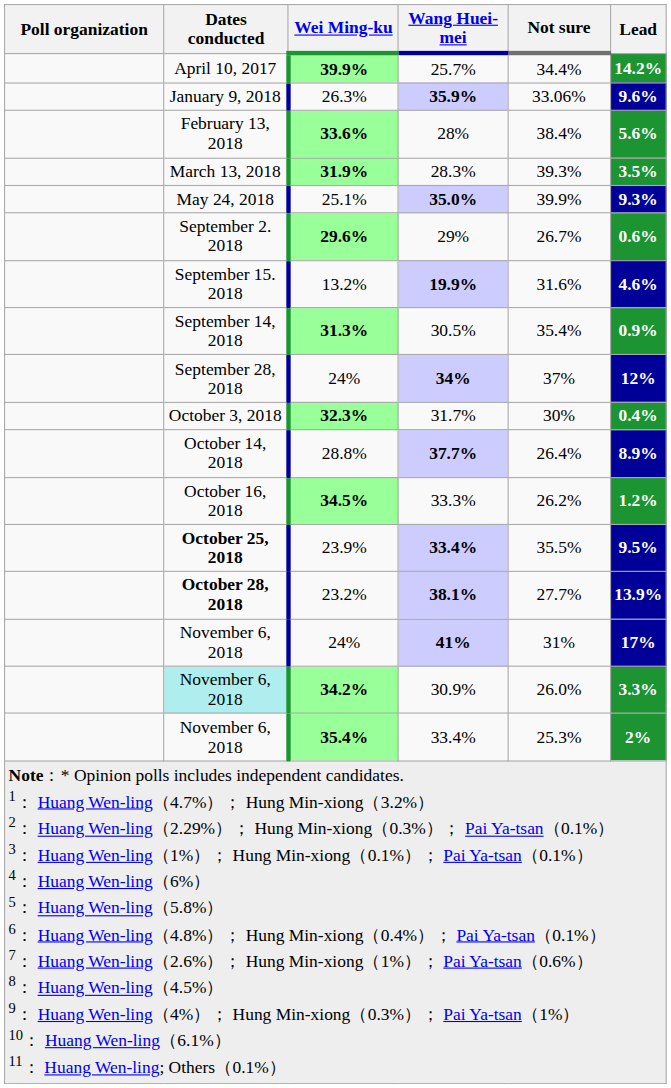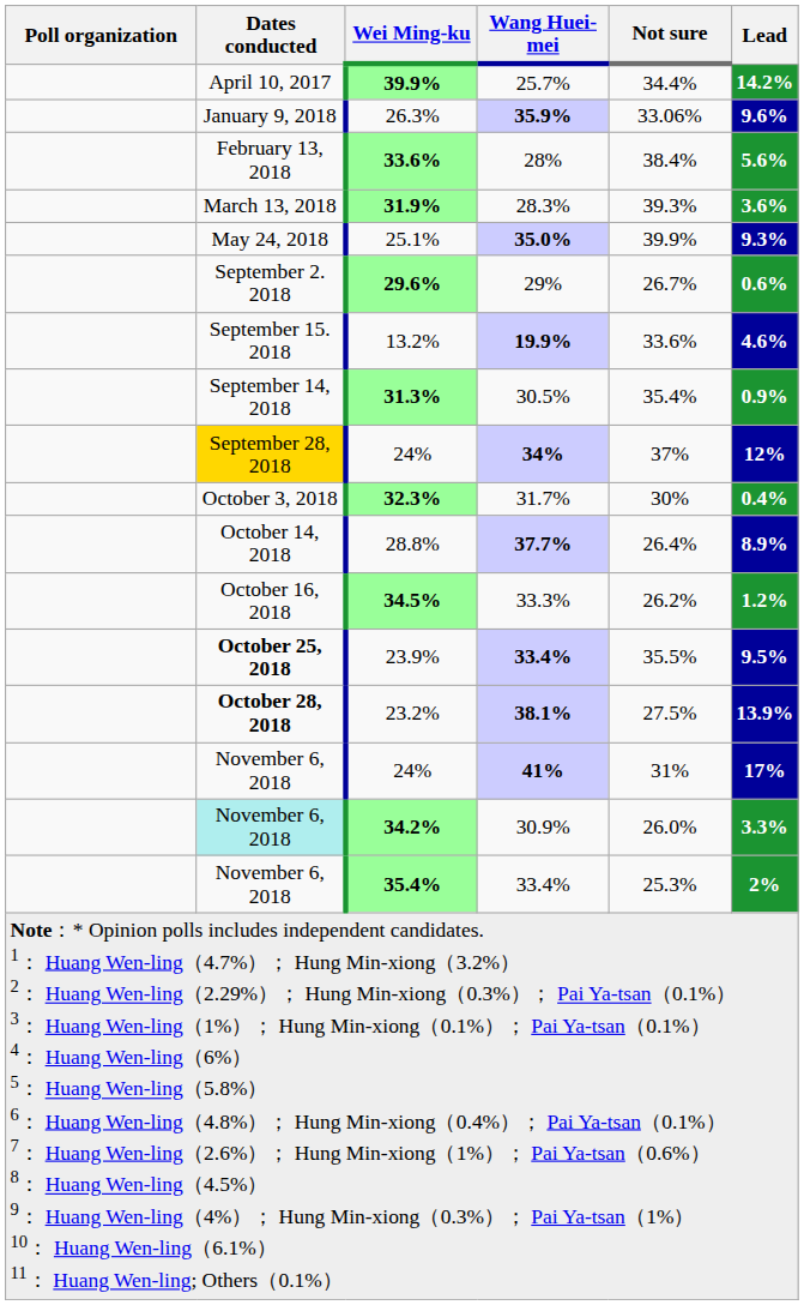 <table class="wikitable collapsible autocollapse" style="text-align:center">
 <tr style="background-color:# E9E9E9">
 <th style="width:200px;">Poll organization</th>
 <th style="width:150px;">Dates conducted</th>
 <th style="width:150px; border-bottom:4px solid #1B9431;"> <a href='#'>Wei Ming-ku</a></th>
 <th style="width:150px; border-bottom:4px solid #000099;"> <a href='#'>Wang Huei-mei</a></th>
 <th style="width:130px; border-bottom:4px solid #707070;"> Not sure</th>
 <th style="width:40px;">Lead</th>
 </tr>
 <tr>
 <td></td>
 <td>April 10, 2017</td>
 <td style="background-color:#99FF99; border-left:4px solid #1B9431;"><strong>39.9%</strong></td>
 <td>25.7%</td>
 <td>34.4%</td>
 <td style="background:#1B9431; color:white"><strong>14.2%</strong></td>
 </tr>
 <tr>
 <td> </td>
 <td>January 9, 2018</td>
 <td style="border-left:4px solid #000099;">26.3%</td>
 <td style="background-color:#CCCCFF;"><strong>35.9%</strong></td>
 <td>33.06%</td>
 <td style="background:#000099; color:white"><strong>9.6%</strong></td>
 </tr>
 <tr>
 <td></td>
 <td>February 13, 2018</td>
 <td style="background-color:#99FF99; border-left:4px solid #1B9431;"><strong>33.6%</strong></td>
 <td>28%</td>
 <td>38.4%</td>
 <td style="background:#1B9431; color:white"><strong>5.6%</strong></td>
 </tr>
 <tr>
 <td></td>
 <td>March 13, 2018</td>
 <td style="background-color:#99FF99; border-left:4px solid #1B9431;"><strong>31.9%</strong></td>
 <td>28.3%</td>
 <td>39.3%</td>
-<td style="background:#1B9431; color:white"><strong>3.5%</strong></td>
+<td style="background:#1B9431; color:white"><strong>3.6%</strong></td>
 </tr>
 <tr>
 <td></td>
 <td>May 24, 2018</td>
 <td style="border-left:4px solid #000099;">25.1%</td>
 <td style="background-color:#CCCCFF;"><strong>35.0%</strong></td>
 <td>39.9%</td>
 <td style="background:#000099; color:white"><strong>9.3%</strong></td>
 </tr>
 <tr>
 <td></td>
 <td>September 2. 2018</td>
 <td style="background-color:#99FF99; border-left:4px solid #1B9431;"><strong>29.6%</strong></td>
 <td>29%</td>
 <td>26.7%</td>
 <td style="background:#1B9431; color:white"><strong>0.6%</strong></td>
 </tr>
 <tr>
 <td></td>
 <td>September 15. 2018</td>
 <td style="border-left:4px solid #000099;">13.2%</td>
 <td style="background-color:#CCCCFF;"><strong>19.9%</strong></td>
-<td>31.6%</td>
+<td>33.6%</td>
 <td style="background:#000099; color:white"><strong>4.6%</strong></td>
 </tr>
 <tr>
 <td></td>
 <td>September 14, 2018</td>
 <td style="background-color:#99FF99; border-left:4px solid #1B9431;"><strong>31.3%</strong></td>
 <td>30.5%</td>
 <td>35.4%</td>
 <td style="background:#1B9431; color:white"><strong>0.9%</strong></td>
 </tr>
 <tr>
 <td></td>
-<td>September 28, 2018</td>
+<td style="background: gold;">September 28, 2018</td>
 <td style="border-left:4px solid #000099;">24%</td>
 <td style="background-color:#CCCCFF;"><strong>34%</strong></td>
 <td>37%</td>
 <td style="background:#000099; color:white"><strong>12%</strong></td>
 </tr>
 <tr>
 <td></td>
 <td>October 3, 2018</td>
 <td style="background-color:#99FF99; border-left:4px solid #1B9431;"><strong>32.3%</strong></td>
 <td>31.7%</td>
 <td>30%</td>
 <td style="background:#1B9431; color:white"><strong>0.4%</strong></td>
 </tr>
 <tr>
 <td></td>
 <td>October 14, 2018</td>
 <td style="border-left:4px solid #000099;">28.8%</td>
 <td style="background-color:#CCCCFF;"><strong>37.7%</strong></td>
 <td>26.4%</td>
 <td style="background:#000099; color:white"><strong>8.9%</strong></td>
 </tr>
 <tr>
 <td></td>
 <td>October 16, 2018</td>
 <td style="background-color:#99FF99; border-left:4px solid #1B9431;"><strong>34.5%</strong></td>
 <td>33.3%</td>
 <td>26.2%</td>
 <td style="background:#1B9431; color:white"><strong>1.2%</strong></td>
 </tr>
 <tr>
 <td> </td>
 <td><strong>October 25, 2018</strong></td>
 <td style="border-left:4px solid #000099;">23.9%</td>
 <td style="background-color:#CCCCFF;"><strong>33.4%</strong></td>
 <td>35.5%</td>
 <td style="background:#000099; color:white"><strong>9.5%</strong></td>
 </tr>
 <tr>
 <td></td>
 <td><strong>October 28, 2018</strong></td>
 <td style="border-left:4px solid #000099;">23.2%</td>
 <td style="background-color:#CCCCFF;"><strong>38.1%</strong></td>
-<td>27.7%</td>
+<td>27.5%</td>
 <td style="background:#000099; color:white"><strong>13.9%</strong></td>
 </tr>
 <tr>
 <td></td>
 <td>November 6, 2018</td>
 <td style="border-left:4px solid #000099;">24%</td>
 <td style="background-color:#CCCCFF;"><strong>41%</strong></td>
 <td>31%</td>
 <td style="background:#000099; color:white"><strong>17%</strong></td>
 </tr>
 <tr>
 <td></td>
 <td style="background: paleturquoise;">November 6, 2018</td>
 <td style="background-color:#99FF99; border-left:4px solid #1B9431;"><strong>34.2%</strong></td>
 <td>30.9%</td>
 <td>26.0%</td>
 <td style="background:#1B9431; color:white"><strong>3.3%</strong></td>
 </tr>
 <tr>
 <td></td>
 <td>November 6, 2018</td>
 <td style="background-color:#99FF99; border-left:4px solid #1B9431;"><strong>35.4%</strong></td>
 <td>33.4%</td>
 <td>25.3%</td>
 <td style="background:#1B9431; color:white"><strong>2%</strong></td>
 </tr>
 <tr>
 <td colspan="7" style="background-color:#EEEEEE;" align=left><div><strong>Note</strong>：* Opinion polls includes independent candidates.<br><sup>1</sup>： <a href='#'>Huang Wen-ling</a>（4.7%）； Hung Min-xiong（3.2%）<br> <sup>2</sup>： <a href='#'>Huang Wen-ling</a>（2.29%）； Hung Min-xiong（0.3%）； <a href='#'>Pai Ya-tsan</a>（0.1%）<br> <sup>3</sup>： <a href='#'>Huang Wen-ling</a>（1%）； Hung Min-xiong（0.1%）； <a href='#'>Pai Ya-tsan</a>（0.1%）<br> <sup>4</sup>： <a href='#'>Huang Wen-ling</a>（6%）<br> <sup>5</sup>： <a href='#'>Huang Wen-ling</a>（5.8%）<br> <sup>6</sup>： <a href='#'>Huang Wen-ling</a>（4.8%）； Hung Min-xiong（0.4%）； <a href='#'>Pai Ya-tsan</a>（0.1%）<br> <sup>7</sup>： <a href='#'>Huang Wen-ling</a>（2.6%）； Hung Min-xiong（1%）； <a href='#'>Pai Ya-tsan</a>（0.6%）<br> <sup>8</sup>： <a href='#'>Huang Wen-ling</a>（4.5%）<br> <sup>9</sup>： <a href='#'>Huang Wen-ling</a>（4%）； Hung Min-xiong（0.3%）； <a href='#'>Pai Ya-tsan</a>（1%）<br> <sup>10</sup>： <a href='#'>Huang Wen-ling</a>（6.1%）<br> <sup>11</sup>： <a href='#'>Huang Wen-ling</a>;  Others（0.1%）<br> </div></td>
 </tr>
 </table>
